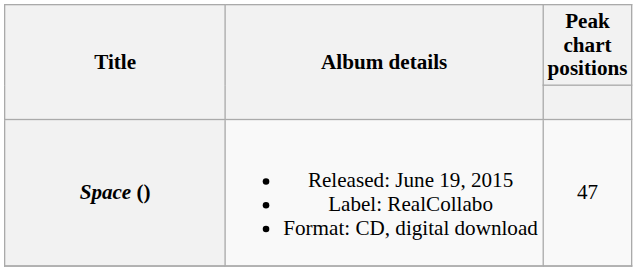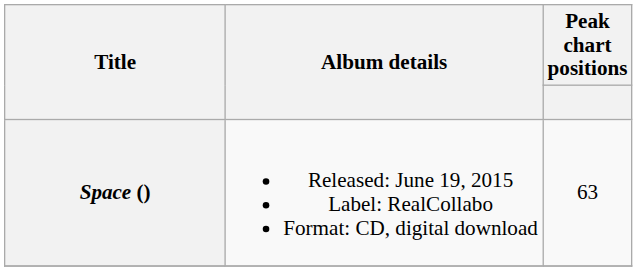 <table class="wikitable plainrowheaders" style="text-align:center;">
 <tr>
 <th scope="col" rowspan="2" style="width:10em;">Title</th>
 <th scope="col" rowspan="2">Album details</th>
 <th colspan="1" scope="col">Peak chart positions</th>
 </tr>
 <tr>
 <th style="width:3em"><br></th>
 </tr>
 <tr>
 <th scope="row"><em>Space</em> ()</th>
 <td><br><ul><li>Released: June 19, 2015</li><li>Label: RealCollabo</li><li>Format: CD, digital download</li></ul></td>
-<td>47</td>
+<td>63</td>
 </tr>
 <tr>
 </tr>
 </table>
